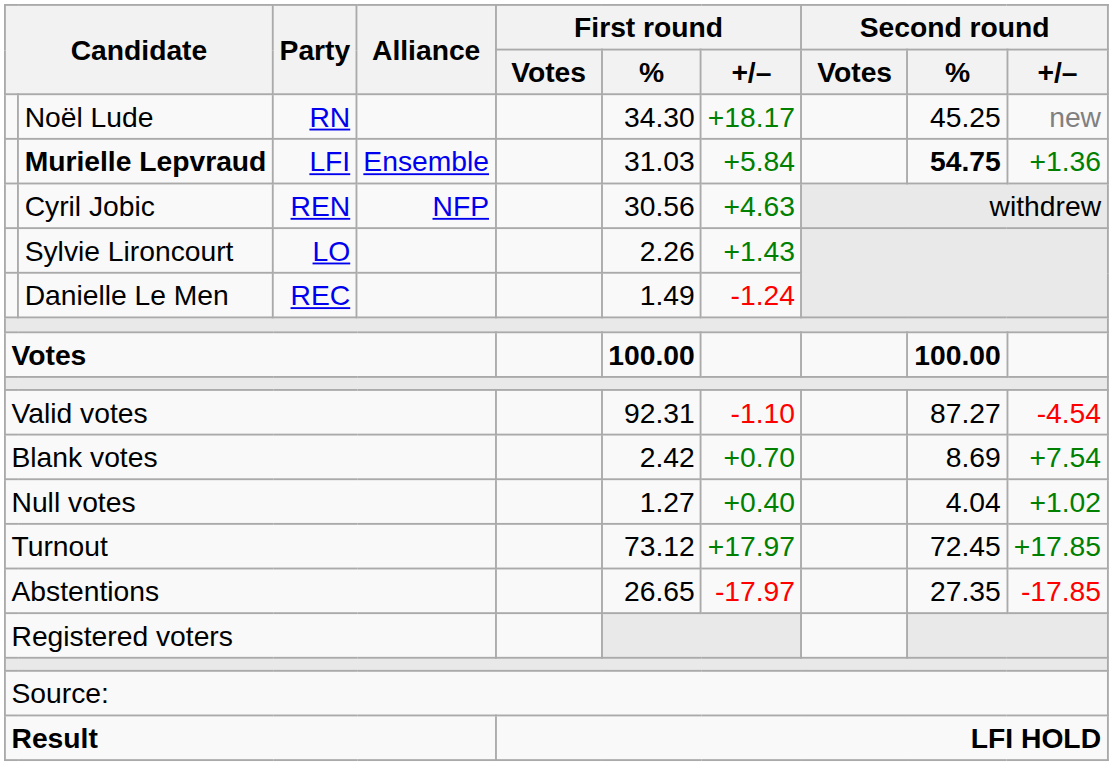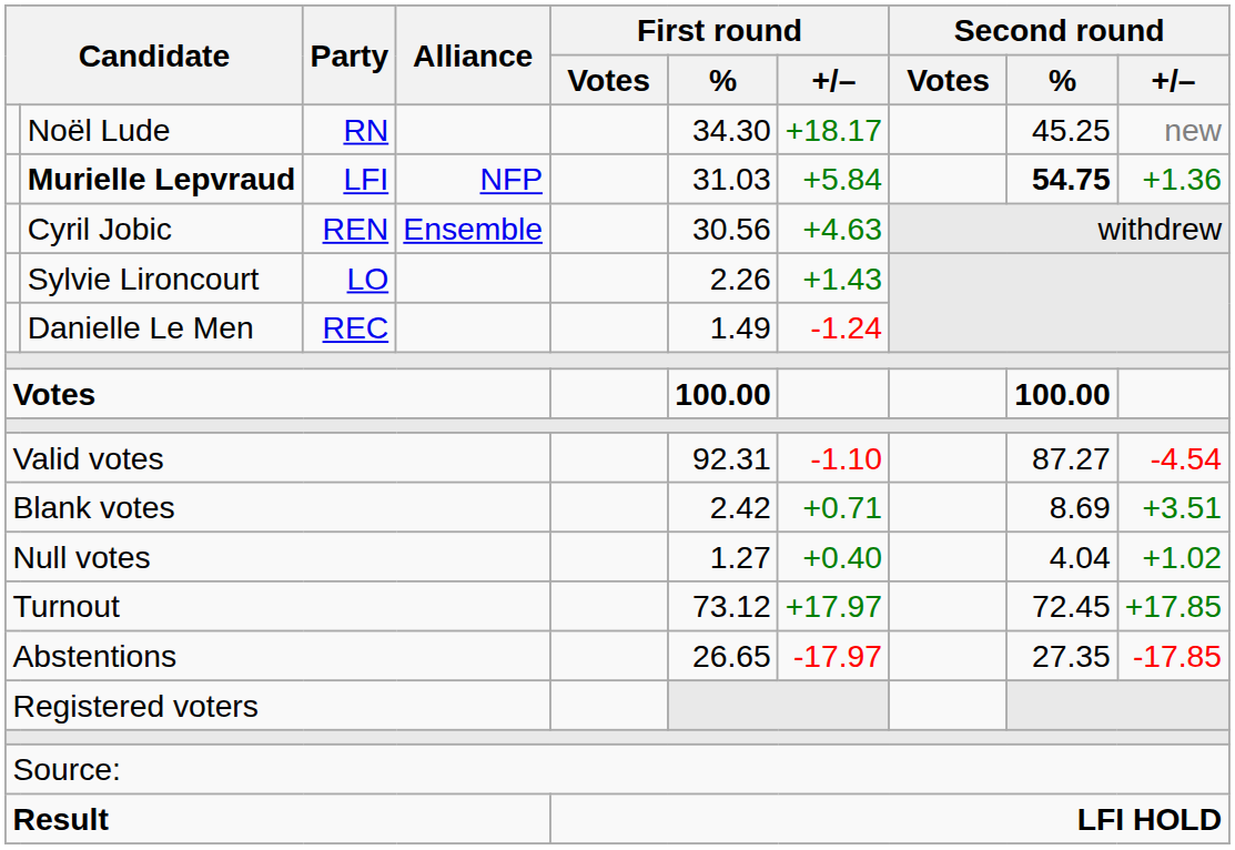 <table class="wikitable" style="text-align:right;font-size:95%;">
 <tr>
 <th rowspan="2" colspan="2">Candidate</th>
 <th colspan="1" rowspan="2">Party</th>
 <th colspan="1" rowspan="2">Alliance</th>
 <th colspan="3">First round</th>
 <th colspan="3">Second round</th>
 </tr>
 <tr>
 <th style="width:50px;">Votes</th>
 <th style="width:45px;">%</th>
 <th style="width:45px;">+/–</th>
 <th style="width:50px;">Votes</th>
 <th style="width:45px;">%</th>
 <th style="width:45px;">+/–</th>
 </tr>
 <tr>
 <td style="color:inherit;background:"></td>
 <td style="text-align:left;">Noël Lude</td>
 <td><a href='#'>RN</a></td>
 <td></td>
 <td></td>
 <td>34.30</td>
 <td style="color:green;">+18.17</td>
 <td></td>
 <td>45.25</td>
 <td style="color:grey;">new</td>
 </tr>
 <tr>
 <td style="color:inherit;background:"></td>
 <td style="text-align:left;"><strong>Murielle Lepvraud</strong></td>
 <td><a href='#'>LFI</a></td>
-<td><a href='#'>Ensemble</a></td>
+<td><a href='#'>NFP</a></td>
 <td></td>
 <td>31.03</td>
 <td style="color:green;">+5.84</td>
 <td><strong></strong></td>
 <td><strong>54.75</strong></td>
 <td style="color:green;">+1.36</td>
 </tr>
 <tr>
 <td style="color:inherit;background:"></td>
 <td style="text-align:left;">Cyril Jobic</td>
 <td><a href='#'>REN</a></td>
-<td><a href='#'>NFP</a></td>
+<td><a href='#'>Ensemble</a></td>
 <td></td>
 <td>30.56</td>
 <td style="color:green;">+4.63</td>
 <td colspan="3" style="background:#E9E9E9;">withdrew</td>
 </tr>
 <tr>
 <td style="color:inherit;background:"></td>
 <td style="text-align:left;">Sylvie Lironcourt</td>
 <td><a href='#'>LO</a></td>
 <td></td>
 <td></td>
 <td>2.26</td>
 <td style="color:green;">+1.43</td>
 <td colspan="3" rowspan="2" style="background:#E9E9E9;"></td>
 </tr>
 <tr>
 <td style="color:inherit;background:"></td>
 <td style="text-align:left;">Danielle Le Men</td>
 <td><a href='#'>REC</a></td>
 <td></td>
 <td></td>
 <td>1.49</td>
 <td style="color:red;">-1.24</td>
 </tr>
 <tr>
 <td colspan="10" style="background:#E9E9E9;"></td>
 </tr>
 <tr style="font-weight:bold;">
 <td colspan="4" style="text-align:left;">Votes</td>
 <td></td>
 <td>100.00</td>
 <td></td>
 <td></td>
 <td>100.00</td>
 <td></td>
 </tr>
 <tr>
 <td colspan="10" style="background:#E9E9E9;"></td>
 </tr>
 <tr>
 <td colspan="4" style="text-align:left;">Valid votes</td>
 <td></td>
 <td>92.31</td>
 <td style="color:red;">-1.10</td>
 <td></td>
 <td>87.27</td>
 <td style="color:red;">-4.54</td>
 </tr>
 <tr>
 <td colspan="4" style="text-align:left;">Blank votes</td>
 <td></td>
 <td>2.42</td>
-<td style="color:green;">+0.70</td>
+<td style="color:green;">+0.71</td>
 <td></td>
 <td>8.69</td>
-<td style="color:green;">+7.54</td>
+<td style="color:green;">+3.51</td>
 </tr>
 <tr>
 <td colspan="4" style="text-align:left;">Null votes</td>
 <td></td>
 <td>1.27</td>
 <td style="color:green;">+0.40</td>
 <td></td>
 <td>4.04</td>
 <td style="color:green;">+1.02</td>
 </tr>
 <tr>
 <td colspan="4" style="text-align:left;">Turnout</td>
 <td></td>
 <td>73.12</td>
 <td style="color:green;">+17.97</td>
 <td></td>
 <td>72.45</td>
 <td style="color:green;">+17.85</td>
 </tr>
 <tr>
 <td colspan="4" style="text-align:left;">Abstentions</td>
 <td></td>
 <td>26.65</td>
 <td style="color:red;">-17.97</td>
 <td></td>
 <td>27.35</td>
 <td style="color:red;">-17.85</td>
 </tr>
 <tr>
 <td colspan="4" style="text-align:left;">Registered voters</td>
 <td></td>
 <td colspan="2" style="background:#E9E9E9;"></td>
 <td></td>
 <td colspan="2" style="background:#E9E9E9;"></td>
 </tr>
 <tr>
 <td colspan="10" style="background:#E9E9E9;"></td>
 </tr>
 <tr>
 <td colspan="10" style="text-align:left;">Source: </td>
 </tr>
 <tr style="font-weight:bold">
 <td colspan="4" style="text-align:left;">Result</td>
 <td colspan="6" style="background-color:">LFI HOLD</td>
 </tr>
 </table>
